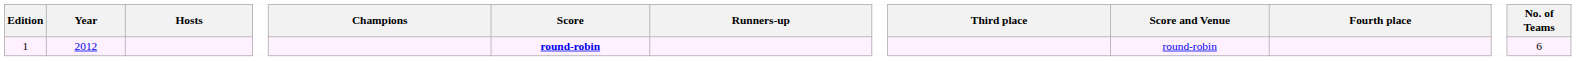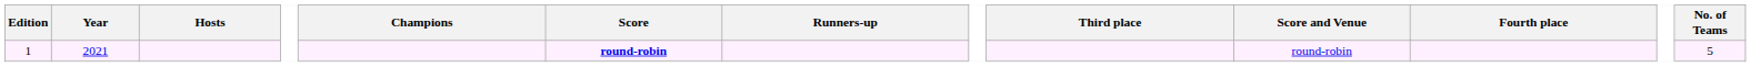 <table class="wikitable" style="text-align:center;width:100%; font-size:90%;">
 <tr>
 <th width=2%>Edition</th>
 <th width=5%>Year</th>
 <th width=8%>Hosts</th>
 <td rowspan="5" style="width:1%;background:#fff;border-top-style:hidden;border-bottom-style:hidden;"></td>
 <th style="width:14%;">Champions</th>
 <th width=10%>Score</th>
 <th style="width:14%;">Runners-up</th>
 <td rowspan="5" style="width:1%;background:#fff;border-top-style:hidden;border-bottom-style:hidden;"></td>
 <th style="width:14%;">Third place</th>
 <th width=10%>Score and Venue</th>
 <th style="width:14%;">Fourth place</th>
 <td rowspan="5" style="width:1%;background:#fff;border-top-style:hidden;border-bottom-style:hidden;"></td>
 <th width=4%>No. of Teams</th>
 </tr>
 <tr align="centre" bgcolor="#fff0ff">
 <td>1</td>
-<td><a href='#'>2012</a></td>
+<td><a href='#'>2021</a></td>
 <td align="left"></td>
 <td><strong></strong></td>
 <td><strong><a href='#'>round-robin</a></strong></td>
 <td></td>
 <td></td>
 <td><a href='#'>round-robin</a></td>
 <td></td>
-<td>6</td>
+<td>5</td>
 </tr>
 </table>
